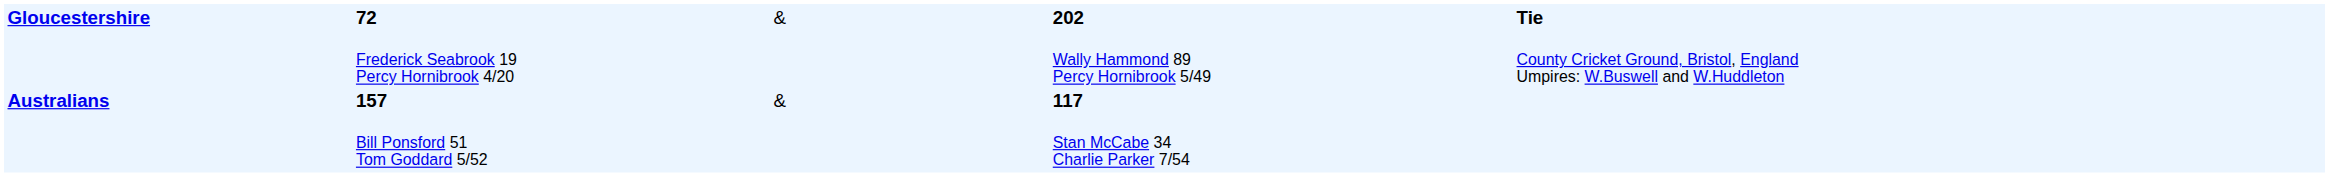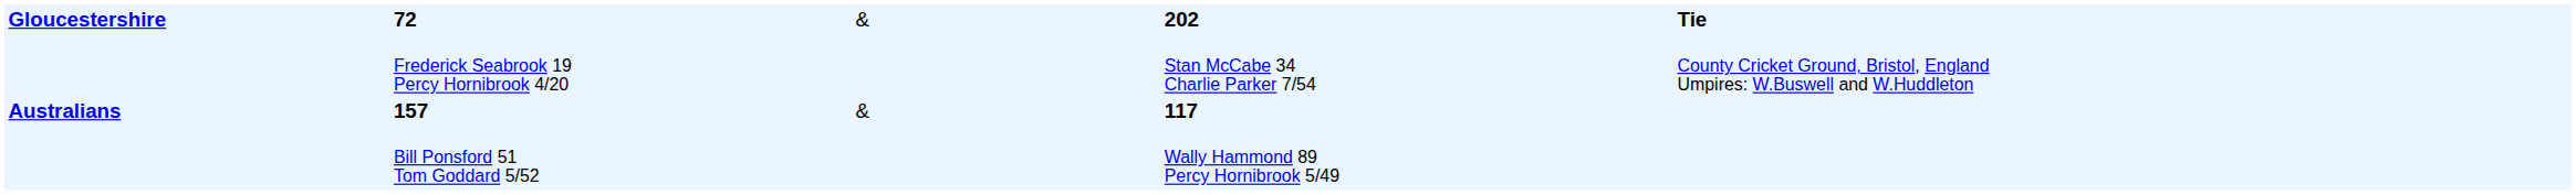 <table width="100%" style="background: #EBF5FF">
 <tr>
 <td width="15%" valign="top" rowspan="2"><strong><a href='#'>Gloucestershire</a></strong></td>
 <td width="18%"><strong>72</strong></td>
 <td width="12%">&</td>
 <td width="20%"><strong>202</strong></td>
 <td width="35%"><strong>Tie</strong></td>
 </tr>
 <tr>
 <td style="font-size: 85%;" valign="top"><br><a href='#'>Frederick Seabrook</a> 19<br> <a href='#'>Percy Hornibrook</a> 4/20</td>
 <td></td>
-<td style="font-size: 85%;"><br><a href='#'>Wally Hammond</a> 89<br> <a href='#'>Percy Hornibrook</a> 5/49</td>
+<td valign="top" style="font-size: 85%;"><br><a href='#'>Stan McCabe</a> 34<br> <a href='#'>Charlie Parker</a> 7/54</td>
 <td valign="top" style="font-size: 85%;" rowspan="3"><br><a href='#'>County Cricket Ground, Bristol</a>, <a href='#'>England</a><br> Umpires: <a href='#'>W.Buswell</a> and <a href='#'>W.Huddleton</a></td>
 </tr>
 <tr>
 <td valign="top" rowspan="2"><strong><a href='#'>Australians</a></strong></td>
 <td><strong>157</strong></td>
 <td>&</td>
 <td><strong>117</strong></td>
 </tr>
 <tr>
 <td style="font-size: 85%;"><br><a href='#'>Bill Ponsford</a> 51<br> <a href='#'>Tom Goddard</a> 5/52</td>
 <td></td>
-<td valign="top" style="font-size: 85%;"><br><a href='#'>Stan McCabe</a> 34<br> <a href='#'>Charlie Parker</a> 7/54</td>
+<td style="font-size: 85%;"><br><a href='#'>Wally Hammond</a> 89<br> <a href='#'>Percy Hornibrook</a> 5/49</td>
 </tr>
 </table>
